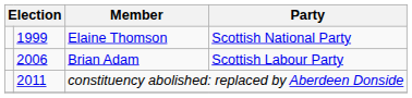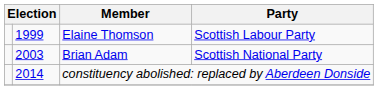 <table class="wikitable">
 <tr>
 <th colspan="2">Election</th>
 <th>Member</th>
 <th>Party</th>
 </tr>
 <tr>
 <td style="background-color: "></td>
 <td><a href='#'>1999</a></td>
 <td><a href='#'>Elaine Thomson</a></td>
+<td><a href='#'>Scottish Labour Party</a></td>
+</tr>
+<tr>
+<td style="background-color: "></td>
+<td><a href='#'>2003</a></td>
+<td><a href='#'>Brian Adam</a></td>
 <td><a href='#'>Scottish National Party</a></td>
 </tr>
 <tr>
-<td style="background-color: "></td>
-<td><a href='#'>2006</a></td>
-<td><a href='#'>Brian Adam</a></td>
-<td><a href='#'>Scottish Labour Party</a></td>
-</tr>
-<tr>
 <td style="background-color:"></td>
-<td><a href='#'>2011</a></td>
+<td><a href='#'>2014</a></td>
 <td colspan="3"><em>constituency abolished: replaced by <a href='#'>Aberdeen Donside</a></em></td>
 </tr>
 <tr>
 </tr>
 </table>
